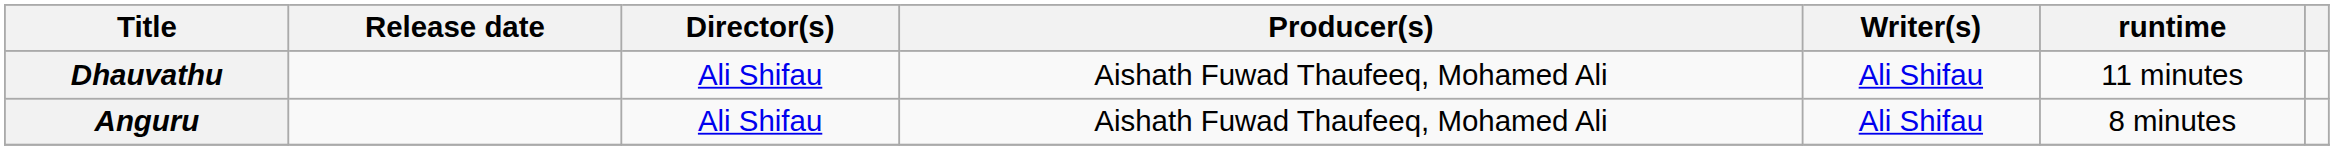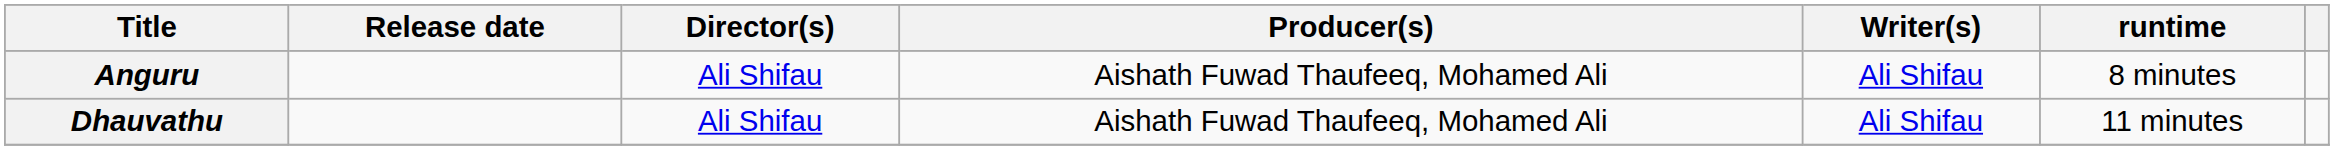 <table class="wikitable plainrowheaders" style="text-align: center" width="100%">
 <tr>
 <th scope="col">Title</th>
 <th scope="col">Release date</th>
 <th scope="col">Director(s)</th>
 <th scope="col">Producer(s)</th>
 <th scope="col">Writer(s)</th>
 <th scope="col">runtime</th>
 <th scope="col" class="unsortable"></th>
 </tr>
 <tr>
+<th scope="row"><em>Anguru</em></th>
+<td></td>
+<td><a href='#'>Ali Shifau</a></td>
+<td>Aishath Fuwad Thaufeeq, Mohamed Ali</td>
+<td><a href='#'>Ali Shifau</a></td>
+<td>8 minutes</td>
+<td style="text-align: center;"></td>
+</tr>
+<tr>
 <th scope="row"><em>Dhauvathu</em></th>
 <td></td>
 <td><a href='#'>Ali Shifau</a></td>
 <td>Aishath Fuwad Thaufeeq, Mohamed Ali</td>
 <td><a href='#'>Ali Shifau</a></td>
 <td>11 minutes</td>
 <td style="text-align: center;"></td>
 </tr>
 <tr>
-<th scope="row"><em>Anguru</em></th>
-<td></td>
-<td><a href='#'>Ali Shifau</a></td>
-<td>Aishath Fuwad Thaufeeq, Mohamed Ali</td>
-<td><a href='#'>Ali Shifau</a></td>
-<td>8 minutes</td>
-<td style="text-align: center;"></td>
-</tr>
-<tr>
 </tr>
 </table>
